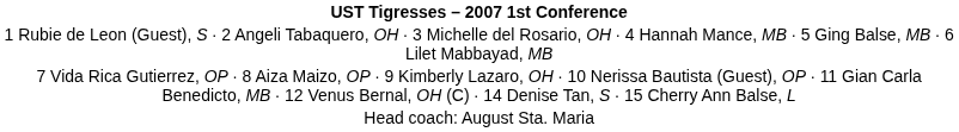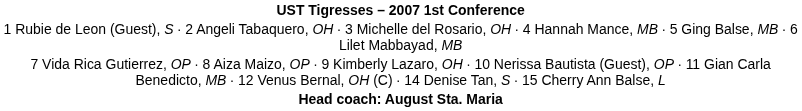 <table class='toccolours mw-collapsible mw-collapsed' width=100% style=font-size:95%>
 <tr>
 <th style=>UST Tigresses – 2007 1st Conference</th>
 </tr>
 <tr align=center>
 <td>1 Rubie de Leon (Guest), <em>S</em> ∙ 2 Angeli Tabaquero, <em>OH</em> ∙ 3 Michelle del Rosario, <em>OH</em> ∙ 4 Hannah Mance, <em>MB</em> ∙ 5 Ging Balse, <em>MB</em> ∙ 6 Lilet Mabbayad, <em>MB</em></td>
 </tr>
 <tr align=center>
 <td>7 Vida Rica Gutierrez, <em>OP</em> ∙ 8 Aiza Maizo, <em>OP</em> ∙ 9 Kimberly Lazaro, <em>OH</em> ∙ 10 Nerissa Bautista (Guest), <em>OP</em> ∙ 11 Gian Carla Benedicto, <em>MB</em> ∙ 12 Venus Bernal, <em>OH</em> (C) ∙ 14 Denise Tan, <em>S</em> ∙ 15 Cherry Ann Balse, <em>L</em></td>
 </tr>
 <tr align=center>
-<td>Head coach: August Sta. Maria</td>
+<td><strong>Head coach: August Sta. Maria</strong></td>
 </tr>
 </table>
